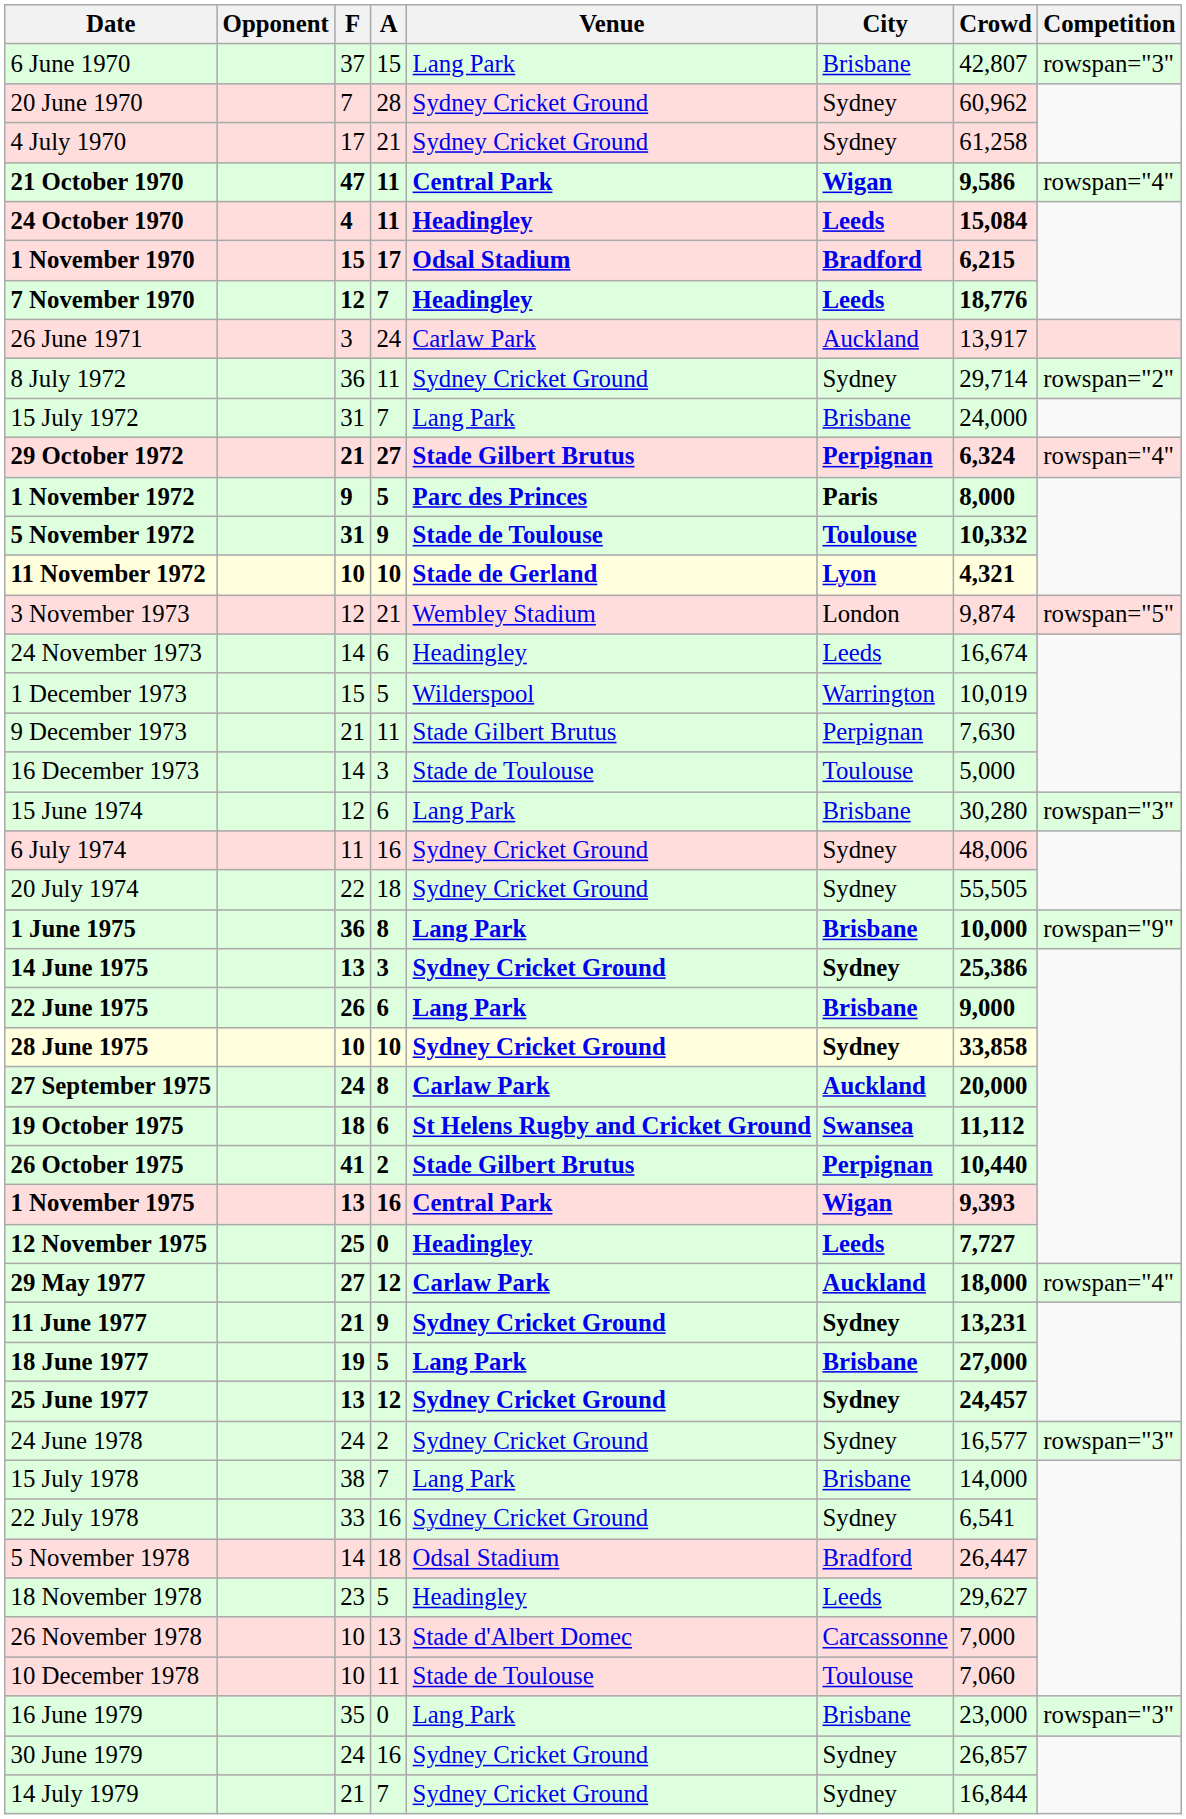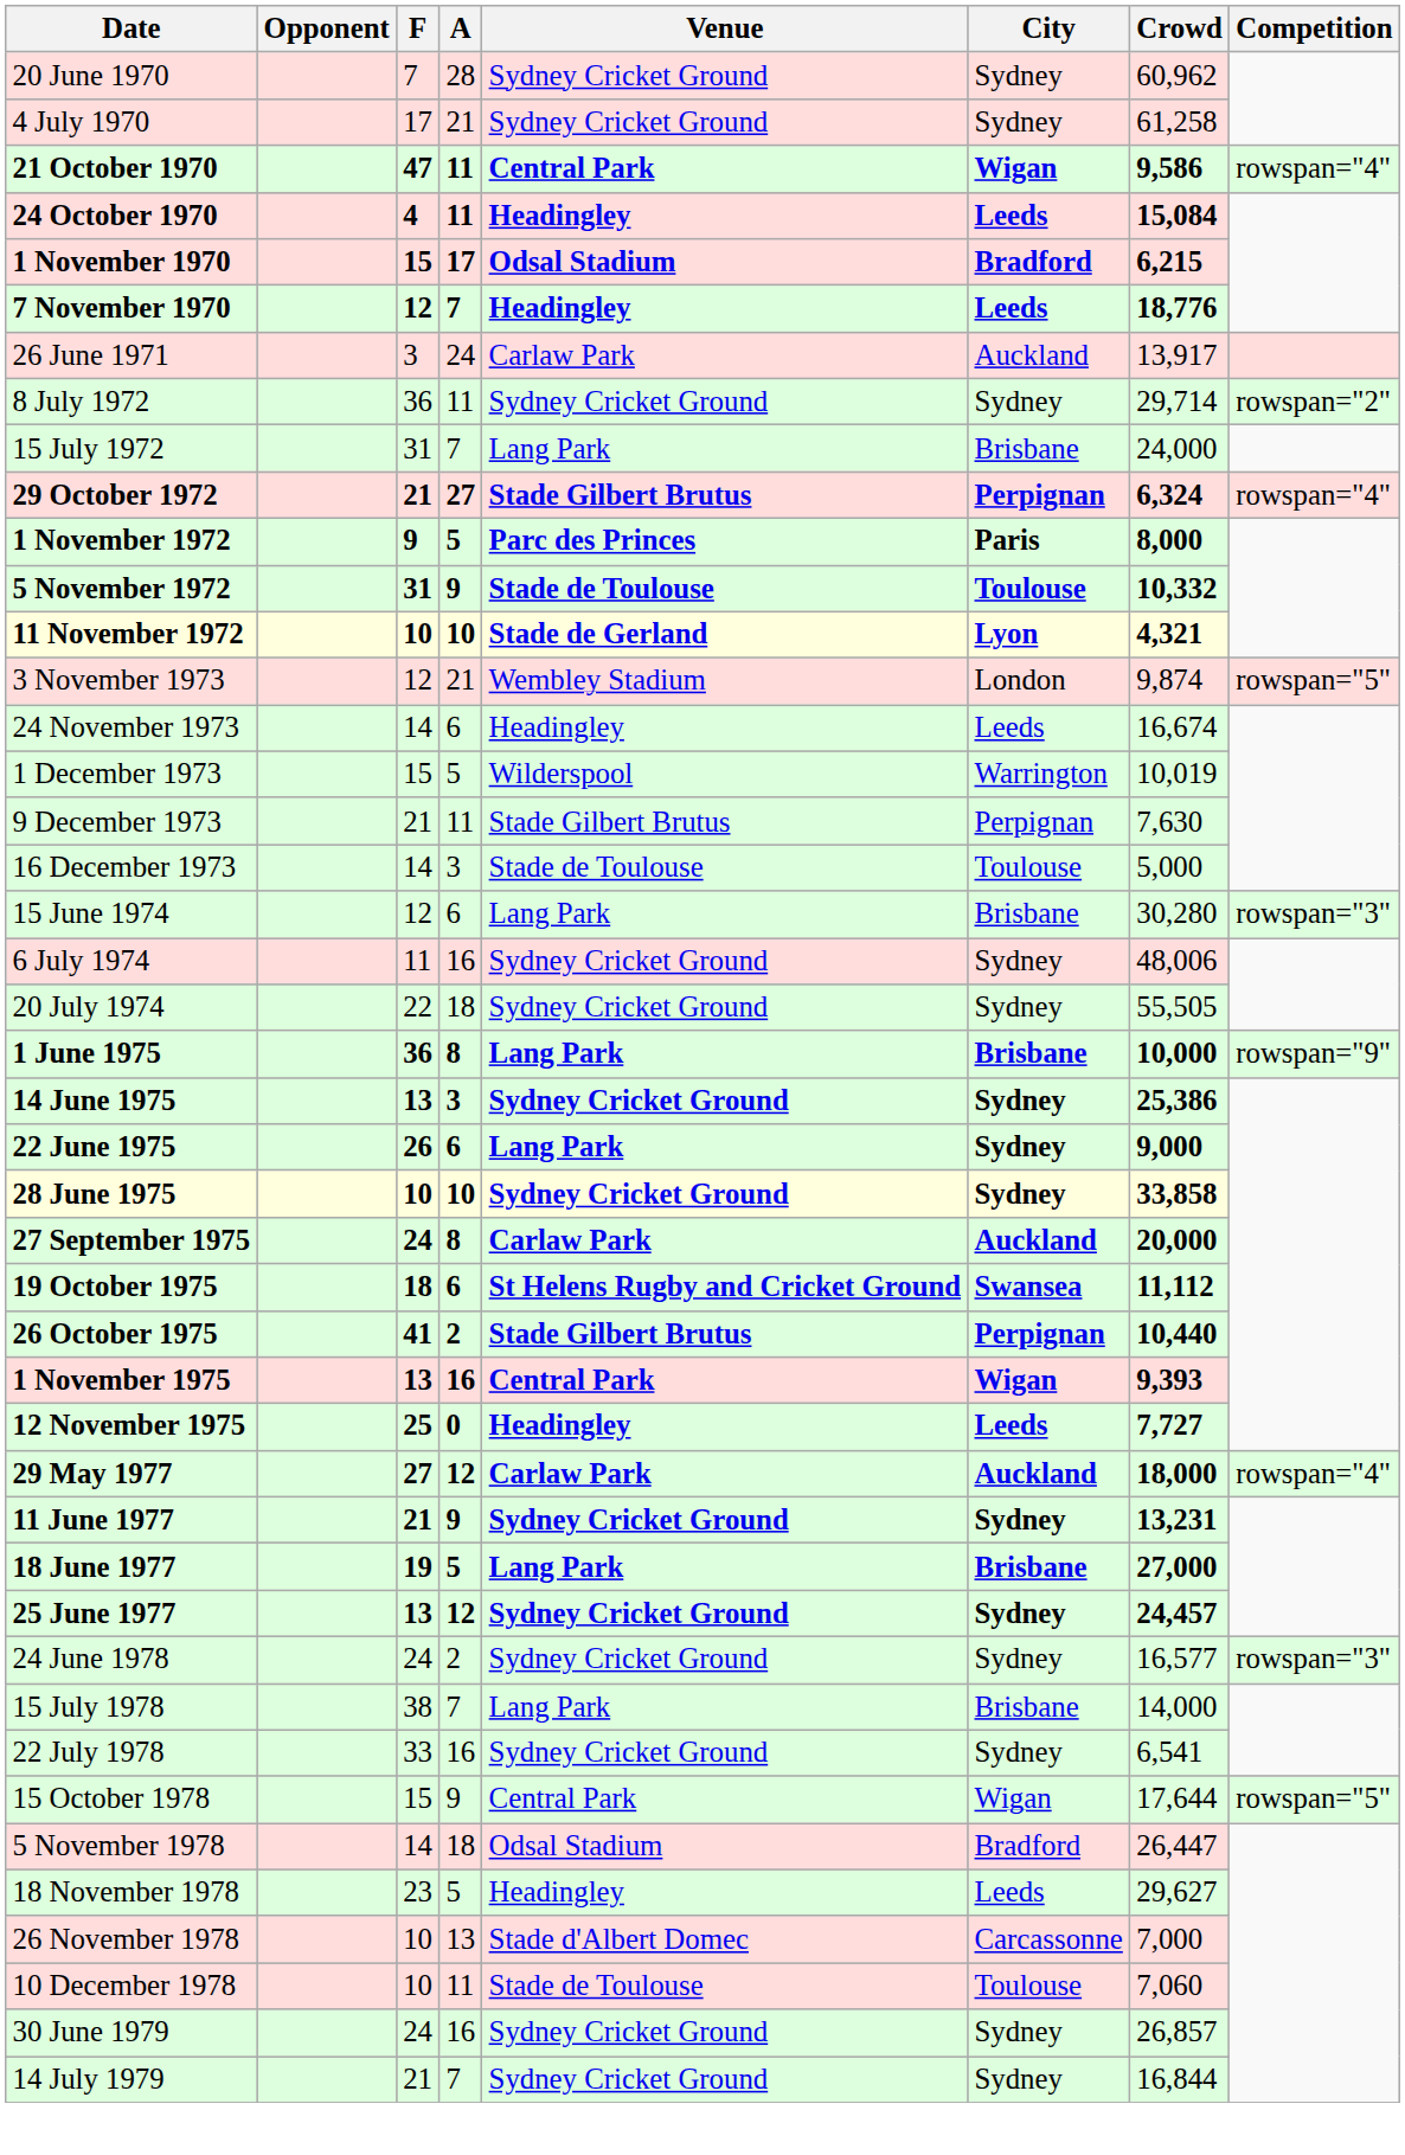 <table class="wikitable sortable">
 <tr>
 <th>Date</th>
 <th>Opponent</th>
 <th>F</th>
 <th>A</th>
 <th>Venue</th>
 <th>City</th>
 <th>Crowd</th>
 <th>Competition</th>
-</tr>
-<tr style="background:#ddffdd;">
-<td>6 June 1970</td>
-<td></td>
-<td>37</td>
-<td>15</td>
-<td><a href='#'>Lang Park</a></td>
-<td><a href='#'>Brisbane</a></td>
-<td>42,807</td>
-<td>rowspan="3"</td>
 </tr>
 <tr style="background:#ffdddd;">
 <td>20 June 1970</td>
 <td></td>
 <td>7</td>
 <td>28</td>
 <td><a href='#'>Sydney Cricket Ground</a></td>
 <td>Sydney</td>
 <td>60,962</td>
 </tr>
 <tr style="background:#ffdddd;">
 <td>4 July 1970</td>
 <td></td>
 <td>17</td>
 <td>21</td>
 <td><a href='#'>Sydney Cricket Ground</a></td>
 <td>Sydney</td>
 <td>61,258</td>
 </tr>
 <tr style="background:#ddffdd;">
 <td><strong>21 October 1970</strong></td>
 <td><strong></strong></td>
 <td><strong>47</strong></td>
 <td><strong>11</strong></td>
 <td><strong><a href='#'>Central Park</a></strong></td>
 <td><strong><a href='#'>Wigan</a></strong></td>
 <td><strong>9,586</strong></td>
 <td>rowspan="4"</td>
 </tr>
 <tr style="background:#ffdddd;">
 <td><strong>24 October 1970</strong></td>
 <td><strong></strong></td>
 <td><strong>4</strong></td>
 <td><strong>11</strong></td>
 <td><strong><a href='#'>Headingley</a></strong></td>
 <td><strong><a href='#'>Leeds</a></strong></td>
 <td><strong>15,084</strong></td>
 </tr>
 <tr style="background:#ffdddd;">
 <td><strong>1 November 1970</strong></td>
 <td><strong></strong></td>
 <td><strong>15</strong></td>
 <td><strong>17</strong></td>
 <td><strong><a href='#'>Odsal Stadium</a></strong></td>
 <td><strong><a href='#'>Bradford</a></strong></td>
 <td><strong>6,215</strong></td>
 </tr>
 <tr style="background:#ddffdd;">
 <td><strong>7 November 1970</strong></td>
 <td><strong></strong></td>
 <td><strong>12</strong></td>
 <td><strong>7</strong></td>
 <td><strong><a href='#'>Headingley</a></strong></td>
 <td><strong><a href='#'>Leeds</a></strong></td>
 <td><strong>18,776</strong></td>
 </tr>
 <tr style="background:#ffdddd;">
 <td>26 June 1971</td>
 <td></td>
 <td>3</td>
 <td>24</td>
 <td><a href='#'>Carlaw Park</a></td>
 <td><a href='#'>Auckland</a></td>
 <td>13,917</td>
 <td></td>
 </tr>
 <tr style="background:#ddffdd;">
 <td>8 July 1972</td>
 <td></td>
 <td>36</td>
 <td>11</td>
 <td><a href='#'>Sydney Cricket Ground</a></td>
 <td>Sydney</td>
 <td>29,714</td>
 <td>rowspan="2"</td>
 </tr>
 <tr style="background:#ddffdd;">
 <td>15 July 1972</td>
 <td></td>
 <td>31</td>
 <td>7</td>
 <td><a href='#'>Lang Park</a></td>
 <td><a href='#'>Brisbane</a></td>
 <td>24,000</td>
 </tr>
 <tr style="background:#ffdddd;">
 <td><strong>29 October 1972</strong></td>
 <td><strong></strong></td>
 <td><strong>21</strong></td>
 <td><strong>27</strong></td>
 <td><strong><a href='#'>Stade Gilbert Brutus</a></strong></td>
 <td><strong><a href='#'>Perpignan</a></strong></td>
 <td><strong>6,324</strong></td>
 <td>rowspan="4"</td>
 </tr>
 <tr style="background:#ddffdd;">
 <td><strong>1 November 1972</strong></td>
 <td><strong></strong></td>
 <td><strong>9</strong></td>
 <td><strong>5</strong></td>
 <td><strong><a href='#'>Parc des Princes</a></strong></td>
 <td><strong>Paris</strong></td>
 <td><strong>8,000</strong></td>
 </tr>
 <tr style="background:#ddffdd;">
 <td><strong>5 November 1972</strong></td>
 <td><strong></strong></td>
 <td><strong>31</strong></td>
 <td><strong>9</strong></td>
 <td><strong><a href='#'>Stade de Toulouse</a></strong></td>
 <td><strong><a href='#'>Toulouse</a></strong></td>
 <td><strong>10,332</strong></td>
 </tr>
 <tr style="background:#ffffdd;">
 <td><strong>11 November 1972</strong></td>
 <td><strong></strong></td>
 <td><strong>10</strong></td>
 <td><strong>10</strong></td>
 <td><strong><a href='#'>Stade de Gerland</a></strong></td>
 <td><strong><a href='#'>Lyon</a></strong></td>
 <td><strong>4,321</strong></td>
 </tr>
 <tr style="background:#ffdddd;">
 <td>3 November 1973</td>
 <td></td>
 <td>12</td>
 <td>21</td>
 <td><a href='#'>Wembley Stadium</a></td>
 <td>London</td>
 <td>9,874</td>
 <td>rowspan="5"</td>
 </tr>
 <tr style="background:#ddffdd;">
 <td>24 November 1973</td>
 <td></td>
 <td>14</td>
 <td>6</td>
 <td><a href='#'>Headingley</a></td>
 <td><a href='#'>Leeds</a></td>
 <td>16,674</td>
 </tr>
 <tr style="background:#ddffdd;">
 <td>1 December 1973</td>
 <td></td>
 <td>15</td>
 <td>5</td>
 <td><a href='#'>Wilderspool</a></td>
 <td><a href='#'>Warrington</a></td>
 <td>10,019</td>
 </tr>
 <tr style="background:#ddffdd;">
 <td>9 December 1973</td>
 <td></td>
 <td>21</td>
 <td>11</td>
 <td><a href='#'>Stade Gilbert Brutus</a></td>
 <td><a href='#'>Perpignan</a></td>
 <td>7,630</td>
 </tr>
 <tr style="background:#ddffdd;">
 <td>16 December 1973</td>
 <td></td>
 <td>14</td>
 <td>3</td>
 <td><a href='#'>Stade de Toulouse</a></td>
 <td><a href='#'>Toulouse</a></td>
 <td>5,000</td>
 </tr>
 <tr style="background:#ddffdd;">
 <td>15 June 1974</td>
 <td></td>
 <td>12</td>
 <td>6</td>
 <td><a href='#'>Lang Park</a></td>
 <td><a href='#'>Brisbane</a></td>
 <td>30,280</td>
 <td>rowspan="3"</td>
 </tr>
 <tr style="background:#ffdddd;">
 <td>6 July 1974</td>
 <td></td>
 <td>11</td>
 <td>16</td>
 <td><a href='#'>Sydney Cricket Ground</a></td>
 <td>Sydney</td>
 <td>48,006</td>
 </tr>
 <tr style="background:#ddffdd;">
 <td>20 July 1974</td>
 <td></td>
 <td>22</td>
 <td>18</td>
 <td><a href='#'>Sydney Cricket Ground</a></td>
 <td>Sydney</td>
 <td>55,505</td>
 </tr>
 <tr style="background:#ddffdd;">
 <td><strong>1 June 1975</strong></td>
 <td><strong></strong></td>
 <td><strong>36</strong></td>
 <td><strong>8</strong></td>
 <td><strong><a href='#'>Lang Park</a></strong></td>
 <td><strong><a href='#'>Brisbane</a></strong></td>
 <td><strong>10,000</strong></td>
 <td>rowspan="9"</td>
 </tr>
 <tr style="background:#ddffdd;">
 <td><strong>14 June 1975</strong></td>
 <td><strong></strong></td>
 <td><strong>13</strong></td>
 <td><strong>3</strong></td>
 <td><strong><a href='#'>Sydney Cricket Ground</a></strong></td>
 <td><strong>Sydney</strong></td>
 <td><strong>25,386</strong></td>
 </tr>
 <tr style="background:#ddffdd;">
 <td><strong>22 June 1975</strong></td>
 <td><strong></strong></td>
 <td><strong>26</strong></td>
 <td><strong>6</strong></td>
 <td><strong><a href='#'>Lang Park</a></strong></td>
-<td><strong><a href='#'>Brisbane</a></strong></td>
+<td><strong>Sydney</strong></td>
 <td><strong>9,000</strong></td>
 </tr>
 <tr style="background:#ffffdd;">
 <td><strong>28 June 1975</strong></td>
 <td><strong></strong></td>
 <td><strong>10</strong></td>
 <td><strong>10</strong></td>
 <td><strong><a href='#'>Sydney Cricket Ground</a></strong></td>
 <td><strong>Sydney</strong></td>
 <td><strong>33,858</strong></td>
 </tr>
 <tr style="background:#ddffdd;">
 <td><strong>27 September 1975</strong></td>
 <td><strong></strong></td>
 <td><strong>24</strong></td>
 <td><strong>8</strong></td>
 <td><strong><a href='#'>Carlaw Park</a></strong></td>
 <td><strong><a href='#'>Auckland</a></strong></td>
 <td><strong>20,000</strong></td>
 </tr>
 <tr style="background:#ddffdd;">
 <td><strong>19 October 1975</strong></td>
 <td><strong></strong></td>
 <td><strong>18</strong></td>
 <td><strong>6</strong></td>
 <td><strong><a href='#'>St Helens Rugby and Cricket Ground</a></strong></td>
 <td><strong><a href='#'>Swansea</a></strong></td>
 <td><strong>11,112</strong></td>
 </tr>
 <tr style="background:#ddffdd;">
 <td><strong>26 October 1975</strong></td>
 <td><strong></strong></td>
 <td><strong>41</strong></td>
 <td><strong>2</strong></td>
 <td><strong><a href='#'>Stade Gilbert Brutus</a></strong></td>
 <td><strong><a href='#'>Perpignan</a></strong></td>
 <td><strong>10,440</strong></td>
 </tr>
 <tr style="background:#ffdddd;">
 <td><strong>1 November 1975</strong></td>
 <td><strong></strong></td>
 <td><strong>13</strong></td>
 <td><strong>16</strong></td>
 <td><a href='#'><strong>Central Park</strong></a></td>
 <td><strong><a href='#'>Wigan</a></strong></td>
 <td><strong>9,393</strong></td>
 </tr>
 <tr style="background:#ddffdd;">
 <td><strong>12 November 1975</strong></td>
 <td><strong></strong></td>
 <td><strong>25</strong></td>
 <td><strong>0</strong></td>
 <td><strong><a href='#'>Headingley</a></strong></td>
 <td><strong><a href='#'>Leeds</a></strong></td>
 <td><strong>7,727</strong></td>
 </tr>
 <tr style="background:#ddffdd;">
 <td><strong>29 May 1977</strong></td>
 <td><strong></strong></td>
 <td><strong>27</strong></td>
 <td><strong>12</strong></td>
 <td><strong><a href='#'>Carlaw Park</a></strong></td>
 <td><strong><a href='#'>Auckland</a></strong></td>
 <td><strong>18,000</strong></td>
 <td>rowspan="4"</td>
 </tr>
 <tr style="background:#ddffdd;">
 <td><strong>11 June 1977</strong></td>
 <td><strong></strong></td>
 <td><strong>21</strong></td>
 <td><strong>9</strong></td>
 <td><strong><a href='#'>Sydney Cricket Ground</a></strong></td>
 <td><strong>Sydney</strong></td>
 <td><strong>13,231</strong></td>
 </tr>
 <tr style="background:#ddffdd;">
 <td><strong>18 June 1977</strong></td>
 <td><strong></strong></td>
 <td><strong>19</strong></td>
 <td><strong>5</strong></td>
 <td><strong><a href='#'>Lang Park</a></strong></td>
 <td><strong><a href='#'>Brisbane</a></strong></td>
 <td><strong>27,000</strong></td>
 </tr>
 <tr style="background:#ddffdd;">
 <td><strong>25 June 1977</strong></td>
 <td><strong></strong></td>
 <td><strong>13</strong></td>
 <td><strong>12</strong></td>
 <td><strong><a href='#'>Sydney Cricket Ground</a></strong></td>
 <td><strong>Sydney</strong></td>
 <td><strong>24,457</strong></td>
 </tr>
 <tr style="background:#ddffdd;">
 <td>24 June 1978</td>
 <td></td>
 <td>24</td>
 <td>2</td>
 <td><a href='#'>Sydney Cricket Ground</a></td>
 <td>Sydney</td>
 <td>16,577</td>
 <td>rowspan="3"</td>
 </tr>
 <tr style="background:#ddffdd;">
 <td>15 July 1978</td>
 <td></td>
 <td>38</td>
 <td>7</td>
 <td><a href='#'>Lang Park</a></td>
 <td><a href='#'>Brisbane</a></td>
 <td>14,000</td>
 </tr>
 <tr style="background:#ddffdd;">
 <td>22 July 1978</td>
 <td></td>
 <td>33</td>
 <td>16</td>
 <td><a href='#'>Sydney Cricket Ground</a></td>
 <td>Sydney</td>
 <td>6,541</td>
 </tr>
+<tr style="background:#ddffdd;">
+<td>15 October 1978</td>
+<td></td>
+<td>15</td>
+<td>9</td>
+<td><a href='#'>Central Park</a></td>
+<td><a href='#'>Wigan</a></td>
+<td>17,644</td>
+<td>rowspan="5"</td>
+</tr>
 <tr style="background:#ffdddd;">
 <td>5 November 1978</td>
 <td></td>
 <td>14</td>
 <td>18</td>
 <td><a href='#'>Odsal Stadium</a></td>
 <td><a href='#'>Bradford</a></td>
 <td>26,447</td>
 </tr>
 <tr style="background:#ddffdd;">
 <td>18 November 1978</td>
 <td></td>
 <td>23</td>
 <td>5</td>
 <td><a href='#'>Headingley</a></td>
 <td><a href='#'>Leeds</a></td>
 <td>29,627</td>
 </tr>
 <tr style="background:#ffdddd;">
 <td>26 November 1978</td>
 <td></td>
 <td>10</td>
 <td>13</td>
 <td><a href='#'>Stade d'Albert Domec</a></td>
 <td><a href='#'>Carcassonne</a></td>
 <td>7,000</td>
 </tr>
 <tr style="background:#ffdddd;">
 <td>10 December 1978</td>
 <td></td>
 <td>10</td>
 <td>11</td>
 <td><a href='#'>Stade de Toulouse</a></td>
 <td><a href='#'>Toulouse</a></td>
 <td>7,060</td>
 </tr>
 <tr style="background:#ddffdd;">
-<td>16 June 1979</td>
-<td></td>
-<td>35</td>
-<td>0</td>
-<td><a href='#'>Lang Park</a></td>
-<td><a href='#'>Brisbane</a></td>
-<td>23,000</td>
-<td>rowspan="3"</td>
-</tr>
-<tr style="background:#ddffdd;">
 <td>30 June 1979</td>
 <td></td>
 <td>24</td>
 <td>16</td>
 <td><a href='#'>Sydney Cricket Ground</a></td>
 <td>Sydney</td>
 <td>26,857</td>
 </tr>
 <tr style="background:#ddffdd;">
 <td>14 July 1979</td>
 <td></td>
 <td>21</td>
 <td>7</td>
 <td><a href='#'>Sydney Cricket Ground</a></td>
 <td>Sydney</td>
 <td>16,844</td>
 </tr>
 </table>
